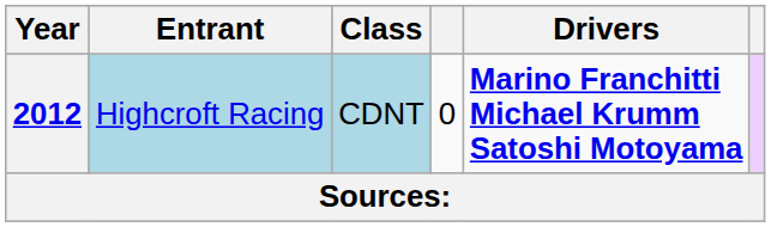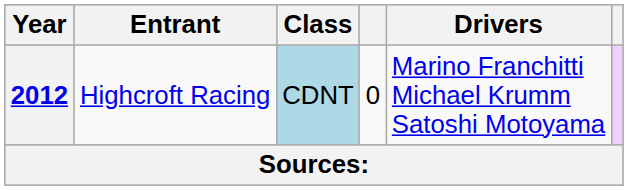 <table class="wikitable">
 <tr>
 <th>Year</th>
 <th>Entrant</th>
 <th>Class</th>
 <th></th>
 <th>Drivers</th>
 <th></th>
 </tr>
 <tr>
 <th><a href='#'>2012</a></th>
-<td style="background: lightblue;"> <a href='#'>Highcroft Racing</a></td>
+<td> <a href='#'>Highcroft Racing</a></td>
 <td style="background: lightblue;">CDNT</td>
 <td>0</td>
-<td><strong> <a href='#'>Marino Franchitti</a><br> <a href='#'>Michael Krumm</a><br> <a href='#'>Satoshi Motoyama</a></strong></td>
+<td> <a href='#'>Marino Franchitti</a><br> <a href='#'>Michael Krumm</a><br> <a href='#'>Satoshi Motoyama</a></td>
 <td style="background:#EFCFFF;"></td>
 </tr>
 <tr>
 <th colspan="6">Sources:</th>
 </tr>
 </table>
